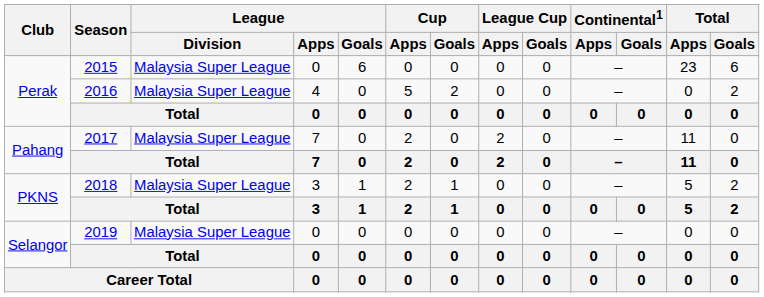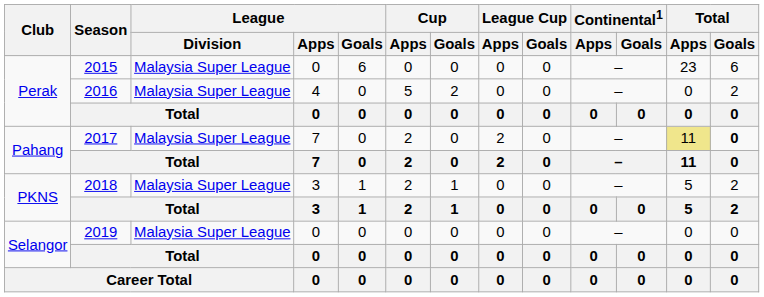 <table class=wikitable style="text-align:center">
 <tr>
 <th rowspan=2>Club</th>
 <th rowspan=2>Season</th>
 <th colspan=3>League</th>
 <th colspan=2>Cup</th>
 <th colspan=2>League Cup</th>
 <th colspan=2>Continental<sup>1</sup></th>
 <th colspan=2>Total</th>
 </tr>
 <tr>
 <th>Division</th>
 <th>Apps</th>
 <th>Goals</th>
 <th>Apps</th>
 <th>Goals</th>
 <th>Apps</th>
 <th>Goals</th>
 <th>Apps</th>
 <th>Goals</th>
 <th>Apps</th>
 <th>Goals</th>
 </tr>
 <tr>
 <td rowspan=3><a href='#'>Perak</a></td>
 <td><a href='#'>2015</a></td>
 <td><a href='#'>Malaysia Super League</a></td>
 <td>0</td>
 <td>6</td>
 <td>0</td>
 <td>0</td>
 <td>0</td>
 <td>0</td>
 <td colspan=2>–</td>
 <td>23</td>
 <td>6</td>
 </tr>
 <tr>
 <td><a href='#'>2016</a></td>
 <td><a href='#'>Malaysia Super League</a></td>
 <td>4</td>
 <td>0</td>
 <td>5</td>
 <td>2</td>
 <td>0</td>
 <td>0</td>
 <td colspan=2>–</td>
 <td>0</td>
 <td>2</td>
 </tr>
 <tr>
 <th colspan="2">Total</th>
 <th>0</th>
 <th>0</th>
 <th>0</th>
 <th>0</th>
 <th>0</th>
 <th>0</th>
 <th>0</th>
 <th>0</th>
 <th>0</th>
 <th>0</th>
 </tr>
 <tr>
 <td rowspan=2><a href='#'>Pahang</a></td>
 <td><a href='#'>2017</a></td>
 <td><a href='#'>Malaysia Super League</a></td>
 <td>7</td>
 <td>0</td>
 <td>2</td>
 <td>0</td>
 <td>2</td>
 <td>0</td>
 <td colspan=2>–</td>
-<td>11</td>
-<td>0</td>
+<td style="background: khaki;">11</td>
+<td><strong>0</strong></td>
 </tr>
 <tr>
 <th colspan="2">Total</th>
 <th>7</th>
 <th>0</th>
 <th>2</th>
 <th>0</th>
 <th>2</th>
 <th>0</th>
 <th colspan=2>–</th>
 <th>11</th>
 <th>0</th>
 </tr>
 <tr>
 <td rowspan=2><a href='#'>PKNS</a></td>
 <td><a href='#'>2018</a></td>
 <td><a href='#'>Malaysia Super League</a></td>
 <td>3</td>
 <td>1</td>
 <td>2</td>
 <td>1</td>
 <td>0</td>
 <td>0</td>
 <td colspan=2>–</td>
 <td>5</td>
 <td>2</td>
 </tr>
 <tr>
 <th colspan="2">Total</th>
 <th>3</th>
 <th>1</th>
 <th>2</th>
 <th>1</th>
 <th>0</th>
 <th>0</th>
 <th>0</th>
 <th>0</th>
 <th>5</th>
 <th>2</th>
 </tr>
 <tr>
 <td rowspan=2><a href='#'>Selangor</a></td>
 <td><a href='#'>2019</a></td>
 <td><a href='#'>Malaysia Super League</a></td>
 <td>0</td>
 <td>0</td>
 <td>0</td>
 <td>0</td>
 <td>0</td>
 <td>0</td>
 <td colspan=2>–</td>
 <td>0</td>
 <td>0</td>
 </tr>
 <tr>
 <th colspan="2">Total</th>
 <th>0</th>
 <th>0</th>
 <th>0</th>
 <th>0</th>
 <th>0</th>
 <th>0</th>
 <th>0</th>
 <th>0</th>
 <th>0</th>
 <th>0</th>
 </tr>
 <tr>
 <th colspan="3">Career Total</th>
 <th>0</th>
 <th>0</th>
 <th>0</th>
 <th>0</th>
 <th>0</th>
 <th>0</th>
 <th>0</th>
 <th>0</th>
 <th>0</th>
 <th>0</th>
 </tr>
 </table>
